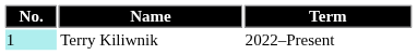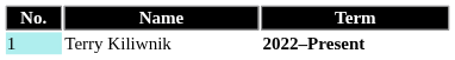 <table class="toccolours" style="width:25em">
 <tr>
 <th style="background:#000000;color:white;border:#A6A6A8 1px solid">No.</th>
 <th style="background:#000000;color:white;border:#A6A6A8 1px solid">Name</th>
 <th style="background:#000000;color:white;border:#A6A6A8 1px solid">Term</th>
 </tr>
 <tr>
 <td style="background: paleturquoise;">1</td>
 <td> Terry Kiliwnik</td>
-<td>2022–Present</td>
+<td><strong>2022–Present</strong></td>
 </tr>
 <tr>
 </tr>
 </table>
